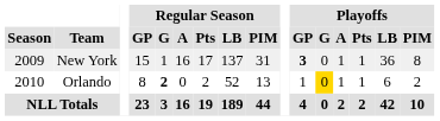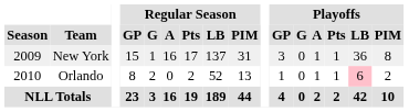 <table BORDER="0" CELLPADDING="3" CELLSPACING="0">
 <tr ALIGN="center" bgcolor="#e0e0e0">
 <th colspan="2" bgcolor="#ffffff"> </th>
 <th rowspan="99" bgcolor="#ffffff"> </th>
 <th colspan="6">Regular Season</th>
 <th rowspan="99" bgcolor="#ffffff"> </th>
 <th colspan="6">Playoffs</th>
 </tr>
 <tr ALIGN="center" bgcolor="#e0e0e0">
 <th>Season</th>
 <th>Team</th>
 <th>GP</th>
 <th>G</th>
 <th>A</th>
 <th>Pts</th>
 <th>LB</th>
 <th>PIM</th>
 <th>GP</th>
 <th>G</th>
 <th>A</th>
 <th>Pts</th>
 <th>LB</th>
 <th>PIM</th>
 </tr>
 <tr ALIGN="center" bgcolor="#f0f0f0">
 <td>2009</td>
 <td>New York</td>
 <td>15</td>
 <td>1</td>
 <td>16</td>
 <td>17</td>
 <td>137</td>
 <td>31</td>
-<td><strong>3</strong></td>
+<td>3</td>
 <td>0</td>
 <td>1</td>
 <td>1</td>
 <td>36</td>
 <td>8</td>
 </tr>
 <tr ALIGN="center">
 <td>2010</td>
 <td>Orlando</td>
 <td>8</td>
-<td><strong>2</strong></td>
+<td>2</td>
 <td>0</td>
 <td>2</td>
 <td>52</td>
 <td>13</td>
 <td>1</td>
-<td style="background: gold;">0</td>
+<td>0</td>
 <td>1</td>
 <td>1</td>
-<td>6</td>
+<td style="background: pink;">6</td>
 <td>2</td>
 </tr>
 <tr ALIGN="center" bgcolor="#e0e0e0">
 <th colspan="2">NLL Totals</th>
 <th>23</th>
 <th>3</th>
 <th>16</th>
 <th>19</th>
 <th>189</th>
 <th>44</th>
 <th>4</th>
 <th>0</th>
 <th>2</th>
 <th>2</th>
 <th>42</th>
 <th>10</th>
 </tr>
 </table>
